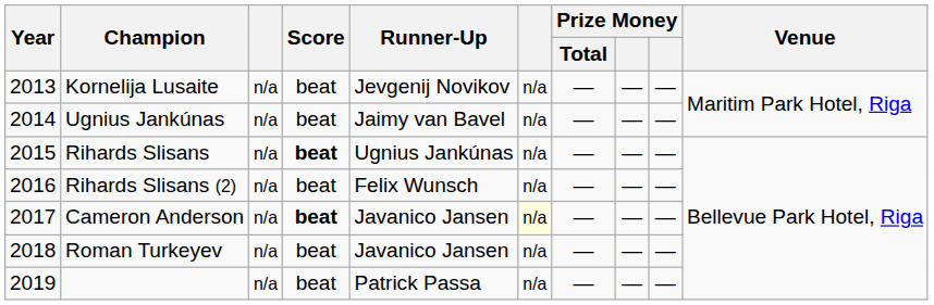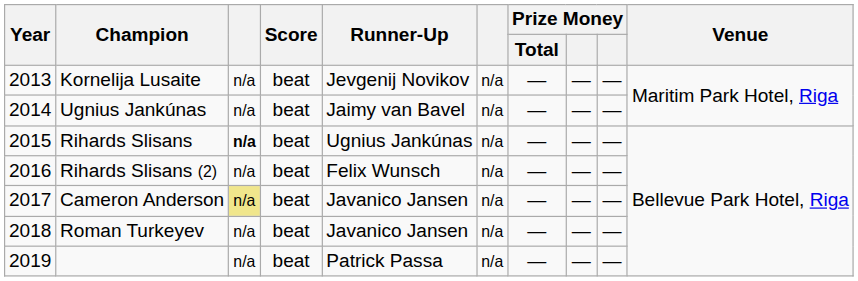 <table class="wikitable sortable">
 <tr>
 <th rowspan=2>Year</th>
 <th rowspan=2>Champion</th>
 <th rowspan=2></th>
 <th rowspan=2>Score</th>
 <th rowspan=2>Runner-Up</th>
 <th rowspan=2></th>
 <th colspan=3>Prize Money</th>
 <th rowspan=2>Venue</th>
 </tr>
 <tr>
 <th>Total</th>
 <th></th>
 <th></th>
 </tr>
 <tr>
 <td>2013</td>
 <td> Kornelija Lusaite</td>
 <td align=center><small><span>n/a</span></small></td>
 <td align=center>beat</td>
 <td> Jevgenij Novikov</td>
 <td align=center><small><span>n/a</span></small></td>
 <td align=center>—</td>
 <td align=center>—</td>
 <td align=center>—</td>
 <td rowspan=2>Maritim Park Hotel, <a href='#'>Riga</a></td>
 </tr>
 <tr>
 <td>2014</td>
 <td> Ugnius Jankúnas</td>
 <td align=center><small><span>n/a</span></small></td>
 <td align=center>beat</td>
 <td> Jaimy van Bavel</td>
 <td align=center><small><span>n/a</span></small></td>
 <td align=center>—</td>
 <td align=center>—</td>
 <td align=center>—</td>
 </tr>
 <tr>
 <td>2015</td>
 <td> Rihards Slisans</td>
-<td align=center><small><span>n/a</span></small></td>
-<td align=center><strong>beat</strong></td>
+<td align=center><strong><small><span>n/a</span></small></strong></td>
+<td align=center>beat</td>
 <td> Ugnius Jankúnas</td>
 <td align=center><small><span>n/a</span></small></td>
 <td align=center>—</td>
 <td align=center>—</td>
 <td align=center>—</td>
 <td rowspan=6>Bellevue Park Hotel, <a href='#'>Riga</a></td>
 </tr>
 <tr>
 <td>2016</td>
 <td> Rihards Slisans <small>(2)</small></td>
 <td align=center><small><span>n/a</span></small></td>
 <td align=center>beat</td>
 <td> Felix Wunsch</td>
 <td align=center><small><span>n/a</span></small></td>
 <td align=center>—</td>
 <td align=center>—</td>
 <td align=center>—</td>
 </tr>
 <tr>
 <td>2017</td>
 <td> Cameron Anderson</td>
+<td align=center style="background: khaki;"><small><span>n/a</span></small></td>
+<td align=center>beat</td>
+<td> Javanico Jansen</td>
 <td align=center><small><span>n/a</span></small></td>
-<td align=center><strong>beat</strong></td>
-<td> Javanico Jansen</td>
-<td align=center style="background: lightyellow;"><small><span>n/a</span></small></td>
 <td align=center>—</td>
 <td align=center>—</td>
 <td align=center>—</td>
 </tr>
 <tr>
 <td>2018</td>
 <td> Roman Turkeyev</td>
 <td align=center><small><span>n/a</span></small></td>
 <td align=center>beat</td>
 <td> Javanico Jansen</td>
 <td align=center><small><span>n/a</span></small></td>
 <td align=center>—</td>
 <td align=center>—</td>
 <td align=center>—</td>
 </tr>
 <tr>
 <td>2019</td>
 <td></td>
 <td align=center><small><span>n/a</span></small></td>
 <td align=center>beat</td>
 <td> Patrick Passa</td>
 <td align=center><small><span>n/a</span></small></td>
 <td align=center>—</td>
 <td align=center>—</td>
 <td align=center>—</td>
 </tr>
 </table>
